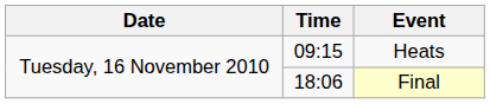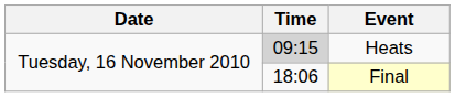 <table class = "wikitable" style="text-align:center;">
 <tr>
 <th width=220>Date</th>
 <th width=50>Time</th>
 <th width=100>Event</th>
 </tr>
 <tr>
 <td rowspan=2>Tuesday, 16 November 2010</td>
-<td>09:15</td>
+<td style="background: lightgrey;">09:15</td>
 <td>Heats</td>
 </tr>
 <tr>
 <td>18:06</td>
 <td bgcolor=ffffcc>Final</td>
 </tr>
 </table>
